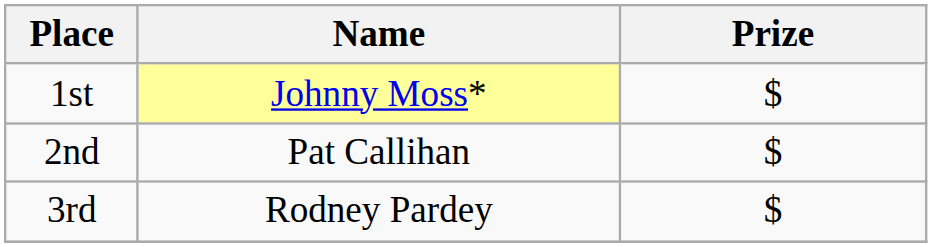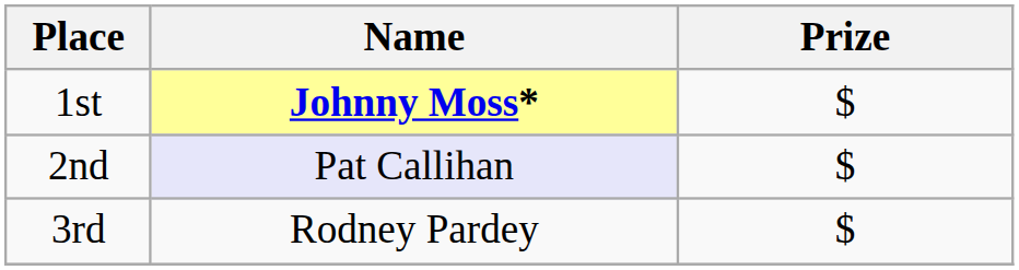 <table class="wikitable">
 <tr>
 <th width="50">Place</th>
 <th width="200">Name</th>
 <th width="125">Prize</th>
 </tr>
 <tr>
 <td align = "center">1st</td>
-<td align = "center" bgcolor="#FFFF99"><a href='#'>Johnny Moss</a>*</td>
+<td align = "center" bgcolor="#FFFF99"><strong><a href='#'>Johnny Moss</a>*</strong></td>
 <td align = "center">$</td>
 </tr>
 <tr>
 <td align = "center">2nd</td>
-<td align = "center">Pat Callihan</td>
+<td align = "center" style="background: lavender;">Pat Callihan</td>
 <td align = "center">$</td>
 </tr>
 <tr>
 <td align = "center">3rd</td>
 <td align = "center">Rodney Pardey</td>
 <td align = "center">$</td>
 </tr>
 <tr>
 </tr>
 </table>
